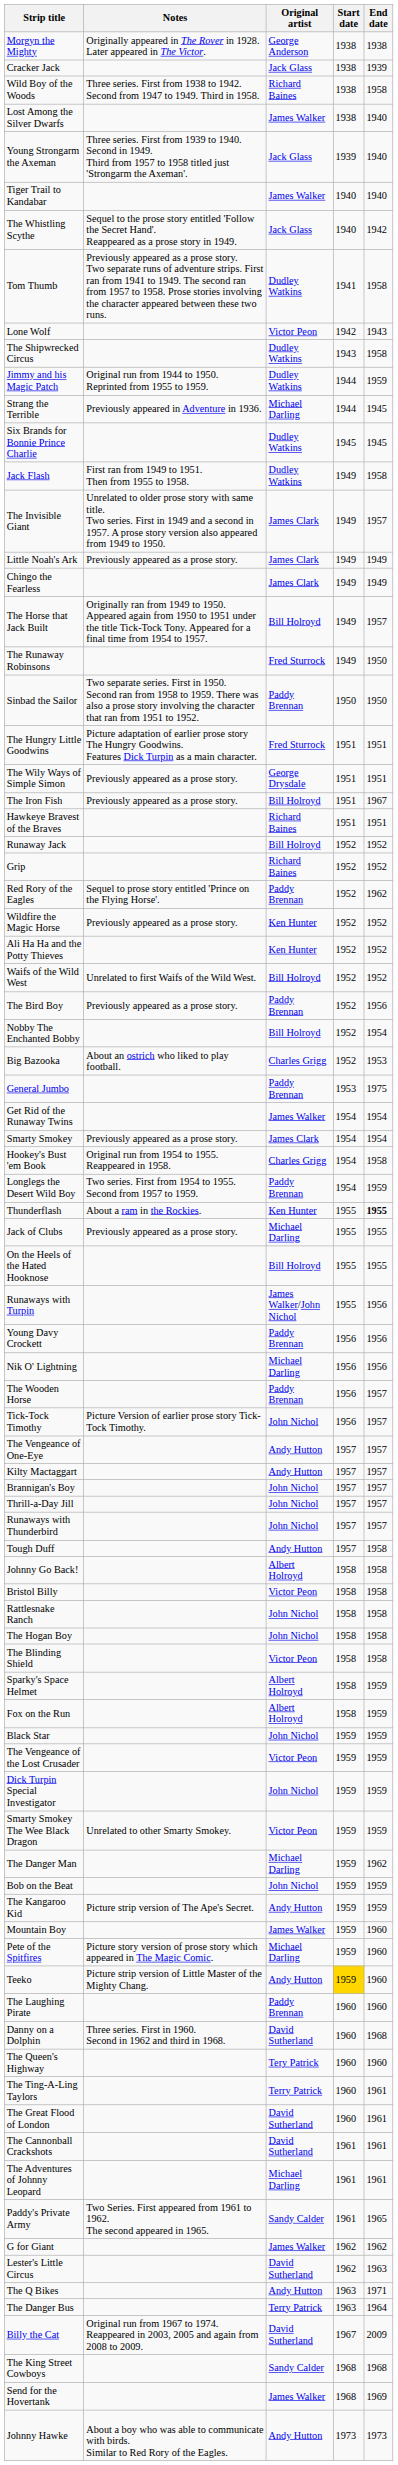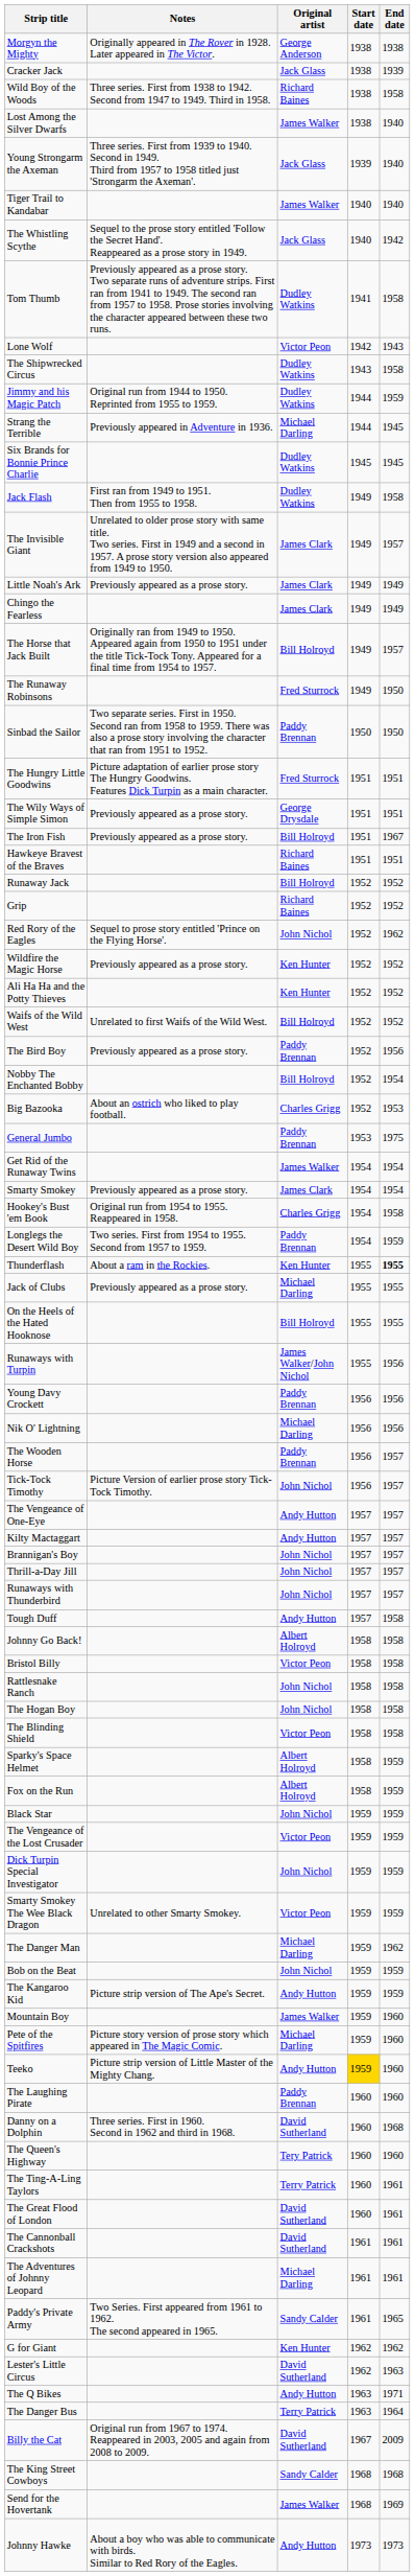 <table class="wikitable sortable">
 <tr>
 <th>Strip title</th>
 <th>Notes</th>
 <th>Original artist</th>
 <th>Start date</th>
 <th>End date</th>
 </tr>
 <tr>
 <td><a href='#'>Morgyn the Mighty</a></td>
 <td>Originally appeared in <em><a href='#'>The Rover</a></em> in 1928.<br>Later appeared in <em><a href='#'>The Victor</a></em>.</td>
 <td><a href='#'>George Anderson</a></td>
 <td>1938</td>
 <td>1938</td>
 </tr>
 <tr>
 <td>Cracker Jack</td>
 <td></td>
 <td><a href='#'>Jack Glass</a></td>
 <td>1938</td>
 <td>1939</td>
 </tr>
 <tr>
 <td>Wild Boy of the Woods</td>
 <td>Three series. First from 1938 to 1942.<br>Second from 1947 to 1949. Third in 1958.</td>
 <td><a href='#'>Richard Baines</a></td>
 <td>1938</td>
 <td>1958</td>
 </tr>
 <tr>
 <td>Lost Among the Silver Dwarfs</td>
 <td></td>
 <td><a href='#'>James Walker</a></td>
 <td>1938</td>
 <td>1940</td>
 </tr>
 <tr>
 <td>Young Strongarm the Axeman</td>
 <td>Three series. First from 1939 to 1940. Second in 1949.<br>Third from 1957 to 1958 titled just 'Strongarm the Axeman'.</td>
 <td><a href='#'>Jack Glass</a></td>
 <td>1939</td>
 <td>1940</td>
 </tr>
 <tr>
 <td>Tiger Trail to Kandabar</td>
 <td></td>
 <td><a href='#'>James Walker</a></td>
 <td>1940</td>
 <td>1940</td>
 </tr>
 <tr>
 <td>The Whistling Scythe</td>
 <td>Sequel to the prose story entitled 'Follow the Secret Hand'.<br>Reappeared as a prose story in 1949.</td>
 <td><a href='#'>Jack Glass</a></td>
 <td>1940</td>
 <td>1942</td>
 </tr>
 <tr>
 <td>Tom Thumb</td>
 <td>Previously appeared as a prose story.<br>Two separate runs of adventure strips. First ran from 1941 to 1949. The second ran from 1957 to 1958. Prose stories involving the character appeared between these two runs.</td>
 <td><a href='#'>Dudley Watkins</a></td>
 <td>1941</td>
 <td>1958</td>
 </tr>
 <tr>
 <td>Lone Wolf</td>
 <td></td>
 <td><a href='#'>Victor Peon</a></td>
 <td>1942</td>
 <td>1943</td>
 </tr>
 <tr>
 <td>The Shipwrecked Circus</td>
 <td></td>
 <td><a href='#'>Dudley Watkins</a></td>
 <td>1943</td>
 <td>1958</td>
 </tr>
 <tr>
 <td><a href='#'>Jimmy and his Magic Patch</a></td>
 <td>Original run from 1944 to 1950.<br>Reprinted from 1955 to 1959.</td>
 <td><a href='#'>Dudley Watkins</a></td>
 <td>1944</td>
 <td>1959</td>
 </tr>
 <tr>
 <td>Strang the Terrible</td>
 <td>Previously appeared in <a href='#'>Adventure</a> in 1936.</td>
 <td><a href='#'>Michael Darling</a></td>
 <td>1944</td>
 <td>1945</td>
 </tr>
 <tr>
 <td>Six Brands for <a href='#'>Bonnie Prince Charlie</a></td>
 <td></td>
 <td><a href='#'>Dudley Watkins</a></td>
 <td>1945</td>
 <td>1945</td>
 </tr>
 <tr>
 <td><a href='#'>Jack Flash</a></td>
 <td>First ran from 1949 to 1951.<br>Then from 1955 to 1958.</td>
 <td><a href='#'>Dudley Watkins</a></td>
 <td>1949</td>
 <td>1958</td>
 </tr>
 <tr>
 <td>The Invisible Giant</td>
 <td>Unrelated to older prose story with same title.<br>Two series. First in 1949 and a second in 1957. A prose story version also appeared from 1949 to 1950.</td>
 <td><a href='#'>James Clark</a></td>
 <td>1949</td>
 <td>1957</td>
 </tr>
 <tr>
 <td>Little Noah's Ark</td>
 <td>Previously appeared as a prose story.</td>
 <td><a href='#'>James Clark</a></td>
 <td>1949</td>
 <td>1949</td>
 </tr>
 <tr>
 <td>Chingo the Fearless</td>
 <td></td>
 <td><a href='#'>James Clark</a></td>
 <td>1949</td>
 <td>1949</td>
 </tr>
 <tr>
 <td>The Horse that Jack Built</td>
 <td>Originally ran from 1949 to 1950.<br>Appeared again from 1950 to 1951 under the title Tick-Tock Tony. Appeared for a final time from 1954 to 1957.</td>
 <td><a href='#'>Bill Holroyd</a></td>
 <td>1949</td>
 <td>1957</td>
 </tr>
 <tr>
 <td>The Runaway Robinsons</td>
 <td></td>
 <td><a href='#'>Fred Sturrock</a></td>
 <td>1949</td>
 <td>1950</td>
 </tr>
 <tr>
 <td>Sinbad the Sailor</td>
 <td>Two separate series. First in 1950.<br>Second ran from 1958 to 1959. There was also a prose story involving the character that ran from 1951 to 1952.</td>
 <td><a href='#'>Paddy Brennan</a></td>
 <td>1950</td>
 <td>1950</td>
 </tr>
 <tr>
 <td>The Hungry Little Goodwins</td>
 <td>Picture adaptation of earlier prose story The Hungry Goodwins.<br>Features <a href='#'>Dick Turpin</a> as a main character.</td>
 <td><a href='#'>Fred Sturrock</a></td>
 <td>1951</td>
 <td>1951</td>
 </tr>
 <tr>
 <td>The Wily Ways of Simple Simon</td>
 <td>Previously appeared as a prose story.</td>
 <td><a href='#'>George Drysdale</a></td>
 <td>1951</td>
 <td>1951</td>
 </tr>
 <tr>
 <td>The Iron Fish</td>
 <td>Previously appeared as a prose story.</td>
 <td><a href='#'>Bill Holroyd</a></td>
 <td>1951</td>
 <td>1967</td>
 </tr>
 <tr>
 <td>Hawkeye Bravest of the Braves</td>
 <td></td>
 <td><a href='#'>Richard Baines</a></td>
 <td>1951</td>
 <td>1951</td>
 </tr>
 <tr>
 <td>Runaway Jack</td>
 <td></td>
 <td><a href='#'>Bill Holroyd</a></td>
 <td>1952</td>
 <td>1952</td>
 </tr>
 <tr>
 <td>Grip</td>
 <td></td>
 <td><a href='#'>Richard Baines</a></td>
 <td>1952</td>
 <td>1952</td>
 </tr>
 <tr>
 <td>Red Rory of the Eagles</td>
 <td>Sequel to prose story entitled 'Prince on the Flying Horse'.</td>
-<td><a href='#'>Paddy Brennan</a></td>
+<td><a href='#'>John Nichol</a></td>
 <td>1952</td>
 <td>1962</td>
 </tr>
 <tr>
 <td>Wildfire the Magic Horse</td>
 <td>Previously appeared as a prose story.</td>
 <td><a href='#'>Ken Hunter</a></td>
 <td>1952</td>
 <td>1952</td>
 </tr>
 <tr>
 <td>Ali Ha Ha and the Potty Thieves</td>
 <td></td>
 <td><a href='#'>Ken Hunter</a></td>
 <td>1952</td>
 <td>1952</td>
 </tr>
 <tr>
 <td>Waifs of the Wild West</td>
 <td>Unrelated to first Waifs of the Wild West.</td>
 <td><a href='#'>Bill Holroyd</a></td>
 <td>1952</td>
 <td>1952</td>
 </tr>
 <tr>
 <td>The Bird Boy</td>
 <td>Previously appeared as a prose story.</td>
 <td><a href='#'>Paddy Brennan</a></td>
 <td>1952</td>
 <td>1956</td>
 </tr>
 <tr>
 <td>Nobby The Enchanted Bobby</td>
 <td></td>
 <td><a href='#'>Bill Holroyd</a></td>
 <td>1952</td>
 <td>1954</td>
 </tr>
 <tr>
 <td>Big Bazooka</td>
 <td>About an <a href='#'>ostrich</a> who liked to play football.</td>
 <td><a href='#'>Charles Grigg</a></td>
 <td>1952</td>
 <td>1953</td>
 </tr>
 <tr>
 <td><a href='#'>General Jumbo</a></td>
 <td></td>
 <td><a href='#'>Paddy Brennan</a></td>
 <td>1953</td>
 <td>1975</td>
 </tr>
 <tr>
 <td>Get Rid of the Runaway Twins</td>
 <td></td>
 <td><a href='#'>James Walker</a></td>
 <td>1954</td>
 <td>1954</td>
 </tr>
 <tr>
 <td>Smarty Smokey</td>
 <td>Previously appeared as a prose story.</td>
 <td><a href='#'>James Clark</a></td>
 <td>1954</td>
 <td>1954</td>
 </tr>
 <tr>
 <td>Hookey's Bust 'em Book</td>
 <td>Original run from 1954 to 1955.<br>Reappeared in 1958.</td>
 <td><a href='#'>Charles Grigg</a></td>
 <td>1954</td>
 <td>1958</td>
 </tr>
 <tr>
 <td>Longlegs the Desert Wild Boy</td>
 <td>Two series. First from 1954 to 1955.<br>Second from 1957 to 1959.</td>
 <td><a href='#'>Paddy Brennan</a></td>
 <td>1954</td>
 <td>1959</td>
 </tr>
 <tr>
 <td>Thunderflash</td>
 <td>About a <a href='#'>ram</a> in <a href='#'>the Rockies</a>.</td>
 <td><a href='#'>Ken Hunter</a></td>
 <td>1955</td>
 <td><strong>1955</strong></td>
 </tr>
 <tr>
 <td>Jack of Clubs</td>
 <td>Previously appeared as a prose story.</td>
 <td><a href='#'>Michael Darling</a></td>
 <td>1955</td>
 <td>1955</td>
 </tr>
 <tr>
 <td>On the Heels of the Hated Hooknose</td>
 <td></td>
 <td><a href='#'>Bill Holroyd</a></td>
 <td>1955</td>
 <td>1955</td>
 </tr>
 <tr>
 <td>Runaways with <a href='#'>Turpin</a></td>
 <td></td>
 <td><a href='#'>James Walker</a>/<a href='#'>John Nichol</a></td>
 <td>1955</td>
 <td>1956</td>
 </tr>
 <tr>
 <td>Young Davy Crockett</td>
 <td></td>
 <td><a href='#'>Paddy Brennan</a></td>
 <td>1956</td>
 <td>1956</td>
 </tr>
 <tr>
 <td>Nik O' Lightning</td>
 <td></td>
 <td><a href='#'>Michael Darling</a></td>
 <td>1956</td>
 <td>1956</td>
 </tr>
 <tr>
 <td>The Wooden Horse</td>
 <td></td>
 <td><a href='#'>Paddy Brennan</a></td>
 <td>1956</td>
 <td>1957</td>
 </tr>
 <tr>
 <td>Tick-Tock Timothy</td>
 <td>Picture Version of earlier prose story Tick-Tock Timothy.</td>
 <td><a href='#'>John Nichol</a></td>
 <td>1956</td>
 <td>1957</td>
 </tr>
 <tr>
 <td>The Vengeance of One-Eye</td>
 <td></td>
 <td><a href='#'>Andy Hutton</a></td>
 <td>1957</td>
 <td>1957</td>
 </tr>
 <tr>
 <td>Kilty Mactaggart</td>
 <td></td>
 <td><a href='#'>Andy Hutton</a></td>
 <td>1957</td>
 <td>1957</td>
 </tr>
 <tr>
 <td>Brannigan's Boy</td>
 <td></td>
 <td><a href='#'>John Nichol</a></td>
 <td>1957</td>
 <td>1957</td>
 </tr>
 <tr>
 <td>Thrill-a-Day Jill</td>
 <td></td>
 <td><a href='#'>John Nichol</a></td>
 <td>1957</td>
 <td>1957</td>
 </tr>
 <tr>
 <td>Runaways with Thunderbird</td>
 <td></td>
 <td><a href='#'>John Nichol</a></td>
 <td>1957</td>
 <td>1957</td>
 </tr>
 <tr>
 <td>Tough Duff</td>
 <td></td>
 <td><a href='#'>Andy Hutton</a></td>
 <td>1957</td>
 <td>1958</td>
 </tr>
 <tr>
 <td>Johnny Go Back!</td>
 <td></td>
 <td><a href='#'>Albert Holroyd</a></td>
 <td>1958</td>
 <td>1958</td>
 </tr>
 <tr>
 <td>Bristol Billy</td>
 <td></td>
 <td><a href='#'>Victor Peon</a></td>
 <td>1958</td>
 <td>1958</td>
 </tr>
 <tr>
 <td>Rattlesnake Ranch</td>
 <td></td>
 <td><a href='#'>John Nichol</a></td>
 <td>1958</td>
 <td>1958</td>
 </tr>
 <tr>
 <td>The Hogan Boy</td>
 <td></td>
 <td><a href='#'>John Nichol</a></td>
 <td>1958</td>
 <td>1958</td>
 </tr>
 <tr>
 <td>The Blinding Shield</td>
 <td></td>
 <td><a href='#'>Victor Peon</a></td>
 <td>1958</td>
 <td>1958</td>
 </tr>
 <tr>
 <td>Sparky's Space Helmet</td>
 <td></td>
 <td><a href='#'>Albert Holroyd</a></td>
 <td>1958</td>
 <td>1959</td>
 </tr>
 <tr>
 <td>Fox on the Run</td>
 <td></td>
 <td><a href='#'>Albert Holroyd</a></td>
 <td>1958</td>
 <td>1959</td>
 </tr>
 <tr>
 <td>Black Star</td>
 <td></td>
 <td><a href='#'>John Nichol</a></td>
 <td>1959</td>
 <td>1959</td>
 </tr>
 <tr>
 <td>The Vengeance of the Lost Crusader</td>
 <td></td>
 <td><a href='#'>Victor Peon</a></td>
 <td>1959</td>
 <td>1959</td>
 </tr>
 <tr>
 <td><a href='#'>Dick Turpin</a> Special Investigator</td>
 <td></td>
 <td><a href='#'>John Nichol</a></td>
 <td>1959</td>
 <td>1959</td>
 </tr>
 <tr>
 <td>Smarty Smokey The Wee Black Dragon</td>
 <td>Unrelated to other Smarty Smokey.</td>
 <td><a href='#'>Victor Peon</a></td>
 <td>1959</td>
 <td>1959</td>
 </tr>
 <tr>
 <td>The Danger Man</td>
 <td></td>
 <td><a href='#'>Michael Darling</a></td>
 <td>1959</td>
 <td>1962</td>
 </tr>
 <tr>
 <td>Bob on the Beat</td>
 <td></td>
 <td><a href='#'>John Nichol</a></td>
 <td>1959</td>
 <td>1959</td>
 </tr>
 <tr>
 <td>The Kangaroo Kid</td>
 <td>Picture strip version of The Ape's Secret.</td>
 <td><a href='#'>Andy Hutton</a></td>
 <td>1959</td>
 <td>1959</td>
 </tr>
 <tr>
 <td>Mountain Boy</td>
 <td></td>
 <td><a href='#'>James Walker</a></td>
 <td>1959</td>
 <td>1960</td>
 </tr>
 <tr>
 <td>Pete of the <a href='#'>Spitfires</a></td>
 <td>Picture story version of prose story which appeared in <a href='#'>The Magic Comic</a>.</td>
 <td><a href='#'>Michael Darling</a></td>
 <td>1959</td>
 <td>1960</td>
 </tr>
 <tr>
 <td>Teeko</td>
 <td>Picture strip version of Little Master of the Mighty Chang.</td>
 <td><a href='#'>Andy Hutton</a></td>
 <td style="background: gold;">1959</td>
 <td>1960</td>
 </tr>
 <tr>
 <td>The Laughing Pirate</td>
 <td></td>
 <td><a href='#'>Paddy Brennan</a></td>
 <td>1960</td>
 <td>1960</td>
 </tr>
 <tr>
 <td>Danny on a Dolphin</td>
 <td>Three series. First in 1960.<br>Second in 1962 and third in 1968.</td>
 <td><a href='#'>David Sutherland</a></td>
 <td>1960</td>
 <td>1968</td>
 </tr>
 <tr>
 <td>The Queen's Highway</td>
 <td></td>
 <td><a href='#'>Tery Patrick</a></td>
 <td>1960</td>
 <td>1960</td>
 </tr>
 <tr>
 <td>The Ting-A-Ling Taylors</td>
 <td></td>
 <td><a href='#'>Terry Patrick</a></td>
 <td>1960</td>
 <td>1961</td>
 </tr>
 <tr>
 <td>The Great Flood of London</td>
 <td></td>
 <td><a href='#'>David Sutherland</a></td>
 <td>1960</td>
 <td>1961</td>
 </tr>
 <tr>
 <td>The Cannonball Crackshots</td>
 <td></td>
 <td><a href='#'>David Sutherland</a></td>
 <td>1961</td>
 <td>1961</td>
 </tr>
 <tr>
 <td>The Adventures of Johnny Leopard</td>
 <td></td>
 <td><a href='#'>Michael Darling</a></td>
 <td>1961</td>
 <td>1961</td>
 </tr>
 <tr>
 <td>Paddy's Private Army</td>
 <td>Two Series. First appeared from 1961 to 1962.<br>The second appeared in 1965.</td>
 <td><a href='#'>Sandy Calder</a></td>
 <td>1961</td>
 <td>1965</td>
 </tr>
 <tr>
 <td>G for Giant</td>
 <td></td>
-<td><a href='#'>James Walker</a></td>
+<td><a href='#'>Ken Hunter</a></td>
 <td>1962</td>
 <td>1962</td>
 </tr>
 <tr>
 <td>Lester's Little Circus</td>
 <td></td>
 <td><a href='#'>David Sutherland</a></td>
 <td>1962</td>
 <td>1963</td>
 </tr>
 <tr>
 <td>The Q Bikes</td>
 <td></td>
 <td><a href='#'>Andy Hutton</a></td>
 <td>1963</td>
 <td>1971</td>
 </tr>
 <tr>
 <td>The Danger Bus</td>
 <td></td>
 <td><a href='#'>Terry Patrick</a></td>
 <td>1963</td>
 <td>1964</td>
 </tr>
 <tr>
 <td><a href='#'>Billy the Cat</a></td>
 <td>Original run from 1967 to 1974.<br>Reappeared in 2003, 2005 and again from 2008 to 2009.</td>
 <td><a href='#'>David Sutherland</a></td>
 <td>1967</td>
 <td>2009</td>
 </tr>
 <tr>
 <td>The King Street Cowboys</td>
 <td></td>
 <td><a href='#'>Sandy Calder</a></td>
 <td>1968</td>
 <td>1968</td>
 </tr>
 <tr>
 <td>Send for the Hovertank</td>
 <td></td>
 <td><a href='#'>James Walker</a></td>
 <td>1968</td>
 <td>1969</td>
 </tr>
 <tr>
 <td>Johnny Hawke</td>
 <td><br>About a boy who was able to communicate with birds.<br>Similar to Red Rory of the Eagles.</td>
 <td><a href='#'>Andy Hutton</a></td>
 <td>1973</td>
 <td>1973</td>
 </tr>
 </table>
